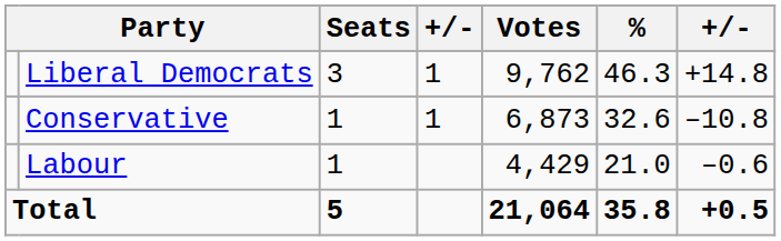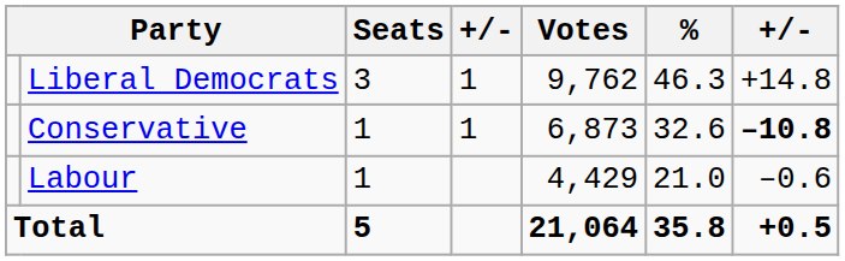 <table class="wikitable sortable">
 <tr>
 <th colspan="2">Party</th>
 <th>Seats</th>
 <th>+/-</th>
 <th>Votes</th>
 <th>%</th>
 <th>+/-</th>
 </tr>
 <tr>
 <td style="background-color: "></td>
 <td><a href='#'>Liberal Democrats</a></td>
 <td>3</td>
 <td> 1</td>
 <td style="text-align:right;">9,762</td>
 <td style="text-align:right;">46.3</td>
 <td style="text-align:right;">+14.8</td>
 </tr>
 <tr>
 <td style="background-color: "></td>
 <td><a href='#'>Conservative</a></td>
 <td>1</td>
 <td> 1</td>
 <td style="text-align:right;">6,873</td>
 <td style="text-align:right;">32.6</td>
-<td style="text-align:right;">–10.8</td>
+<td style="text-align:right;"><strong>–10.8</strong></td>
 </tr>
 <tr>
 <td style="background-color: "></td>
 <td><a href='#'>Labour</a></td>
 <td>1</td>
 <td></td>
 <td style="text-align:right;">4,429</td>
 <td style="text-align:right;">21.0</td>
 <td style="text-align:right;">–0.6</td>
 </tr>
 <tr>
 <td colspan="2"><strong>Total</strong></td>
 <td><strong>5</strong></td>
 <td></td>
 <td style="text-align:right;"><strong>21,064</strong></td>
 <td style="text-align:right;"><strong>35.8</strong></td>
 <td style="text-align:right;"><strong>+0.5</strong></td>
 </tr>
 </table>
